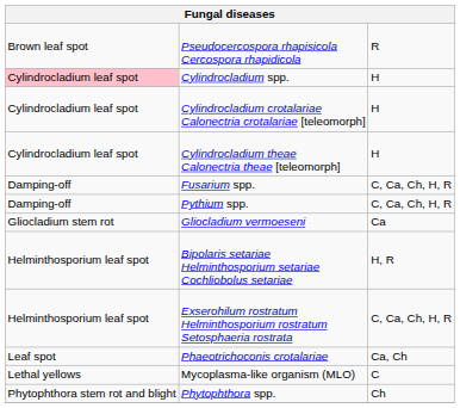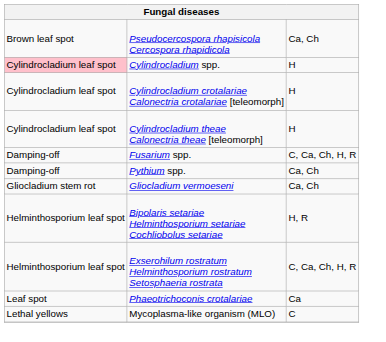 <table class="wikitable" style="clear">
 <tr>
 <th colspan=3><strong>Fungal diseases</strong><br></th>
 </tr>
 <tr>
 <td>Brown leaf spot</td>
 <td><br><em><a href='#'>Pseudocercospora rhapisicola</a></em> <br>  <em><a href='#'>Cercospora rhapidicola</a></em></td>
-<td>R</td>
+<td>Ca, Ch</td>
 </tr>
 <tr>
 <td style="background: pink;">Cylindrocladium leaf spot</td>
 <td><em><a href='#'>Cylindrocladium</a></em> spp.</td>
 <td>H</td>
 </tr>
 <tr>
 <td>Cylindrocladium leaf spot</td>
 <td><br><em><a href='#'>Cylindrocladium crotalariae</a></em> <br> <em><a href='#'>Calonectria crotalariae</a></em> [teleomorph]</td>
 <td>H</td>
 </tr>
 <tr>
 <td>Cylindrocladium leaf spot</td>
 <td><br><em><a href='#'>Cylindrocladium theae</a></em> <br> <em><a href='#'>Calonectria theae</a></em> [teleomorph]</td>
 <td>H</td>
 </tr>
 <tr>
 <td>Damping-off</td>
 <td><em><a href='#'>Fusarium</a></em> spp.</td>
 <td>C, Ca, Ch, H, R</td>
 </tr>
 <tr>
 <td>Damping-off</td>
 <td><em><a href='#'>Pythium</a></em> spp.</td>
-<td>C, Ca, Ch, H, R</td>
+<td>Ca, Ch</td>
 </tr>
 <tr>
 <td>Gliocladium stem rot</td>
 <td><em><a href='#'>Gliocladium vermoeseni</a></em></td>
-<td>Ca</td>
+<td>Ca, Ch</td>
 </tr>
 <tr>
 <td>Helminthosporium leaf spot</td>
 <td><br><em><a href='#'>Bipolaris setariae</a></em> <br>  <em><a href='#'>Helminthosporium setariae</a></em> <br>  <em><a href='#'>Cochliobolus setariae</a></em></td>
 <td>H, R</td>
 </tr>
 <tr>
 <td>Helminthosporium leaf spot</td>
 <td><br><em><a href='#'>Exserohilum rostratum</a></em> <br>  <em><a href='#'>Helminthosporium rostratum</a></em> <br>  <em><a href='#'>Setosphaeria rostrata</a></em></td>
 <td>C, Ca, Ch, H, R</td>
 </tr>
 <tr>
 <td>Leaf spot</td>
 <td><em><a href='#'>Phaeotrichoconis crotalariae</a></em></td>
-<td>Ca, Ch</td>
+<td>Ca</td>
 </tr>
 <tr>
 <td>Lethal yellows</td>
 <td>Mycoplasma-like organism (MLO)</td>
 <td>C</td>
 </tr>
 <tr>
-<td>Phytophthora stem rot and blight</td>
-<td><em><a href='#'>Phytophthora</a></em> spp.</td>
-<td>Ch</td>
-</tr>
-<tr>
 </tr>
 </table>
